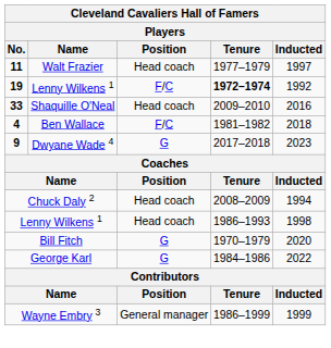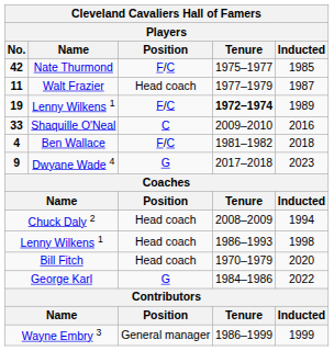 <table class="wikitable" style="text-align:center">
 <tr>
 <th colspan="5">Cleveland Cavaliers Hall of Famers</th>
 </tr>
 <tr>
 <th colspan="5" style="text-align:center; ">Players</th>
 </tr>
 <tr>
 <th>No.</th>
 <th>Name</th>
 <th>Position</th>
 <th>Tenure</th>
 <th>Inducted</th>
 </tr>
 <tr>
+<td><strong>42</strong></td>
+<td><a href='#'>Nate Thurmond</a></td>
+<td><a href='#'>F</a>/<a href='#'>C</a></td>
+<td>1975–1977</td>
+<td>1985</td>
+</tr>
+<tr>
 <td><strong>11</strong></td>
 <td><a href='#'>Walt Frazier</a></td>
 <td>Head coach</td>
 <td>1977–1979</td>
-<td>1997</td>
+<td>1987</td>
 </tr>
 <tr>
 <td><strong>19</strong></td>
 <td><a href='#'>Lenny Wilkens</a> <sup>1</sup></td>
 <td><a href='#'>F</a>/<a href='#'>C</a></td>
 <td><strong>1972–1974</strong></td>
-<td>1992</td>
+<td>1989</td>
 </tr>
 <tr>
 <td><strong>33</strong></td>
 <td><a href='#'>Shaquille O'Neal</a></td>
-<td>Head coach</td>
+<td><a href='#'>C</a></td>
 <td>2009–2010</td>
 <td>2016</td>
 </tr>
 <tr>
 <td><strong>4</strong></td>
 <td><a href='#'>Ben Wallace</a></td>
 <td><a href='#'>F</a>/<a href='#'>C</a></td>
 <td>1981–1982</td>
 <td>2018</td>
 </tr>
 <tr>
 <td><strong>9</strong></td>
 <td><a href='#'>Dwyane Wade</a> <sup>4</sup></td>
 <td><a href='#'>G</a></td>
 <td>2017–2018</td>
 <td>2023</td>
 </tr>
 <tr>
 <th colspan="5" style="text-align:center; ">Coaches</th>
 </tr>
 <tr>
 <th colspan="2">Name</th>
 <th>Position</th>
 <th>Tenure</th>
 <th>Inducted</th>
 </tr>
 <tr>
 <td colspan="2"><a href='#'>Chuck Daly</a> <sup>2</sup></td>
 <td>Head coach</td>
 <td>2008–2009</td>
 <td>1994</td>
 </tr>
 <tr>
 <td colspan="2"><a href='#'>Lenny Wilkens</a> <sup>1</sup></td>
 <td>Head coach</td>
 <td>1986–1993</td>
 <td>1998</td>
 </tr>
 <tr>
 <td colspan="2"><a href='#'>Bill Fitch</a></td>
-<td><a href='#'>G</a></td>
+<td>Head coach</td>
 <td>1970–1979</td>
 <td>2020</td>
 </tr>
 <tr>
 <td colspan="2"><a href='#'>George Karl</a></td>
 <td><a href='#'>G</a></td>
 <td>1984–1986</td>
 <td>2022</td>
 </tr>
 <tr>
 <th colspan="5" style="text-align:center; ">Contributors</th>
 </tr>
 <tr>
 <th colspan="2">Name</th>
 <th>Position</th>
 <th>Tenure</th>
 <th>Inducted</th>
 </tr>
 <tr>
 <td colspan="2"><a href='#'>Wayne Embry</a> <sup>3</sup></td>
 <td>General manager</td>
 <td>1986–1999</td>
 <td>1999</td>
 </tr>
 </table>
